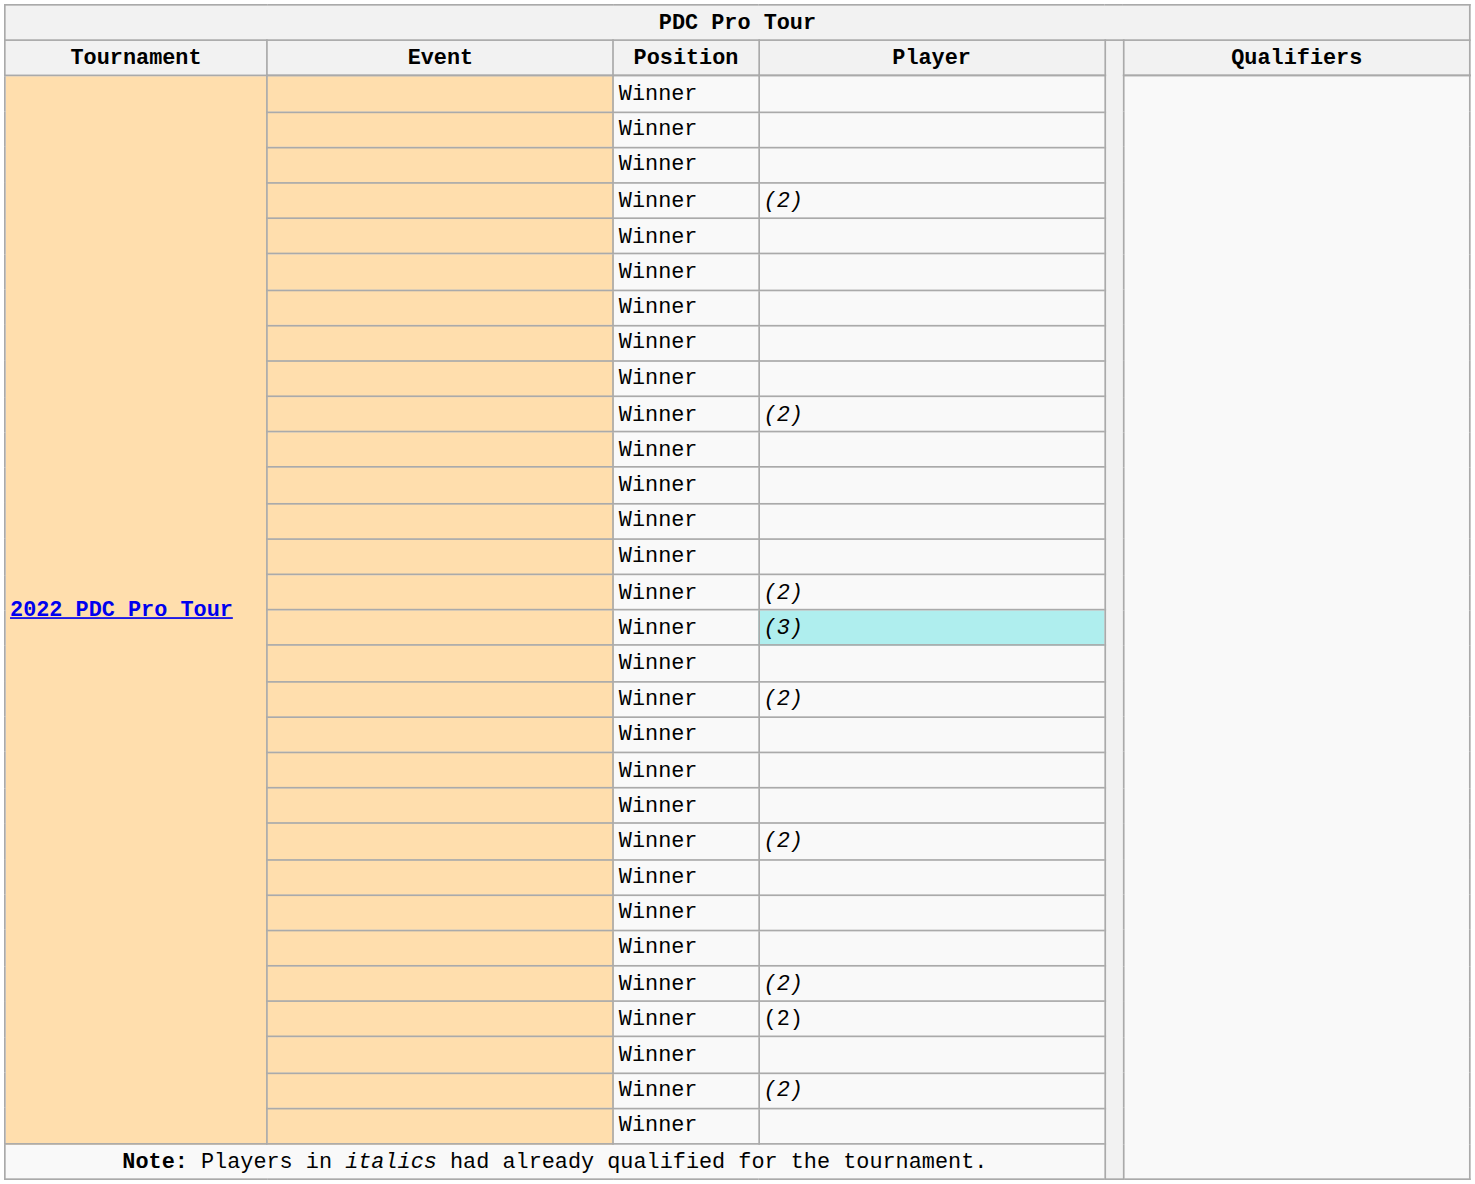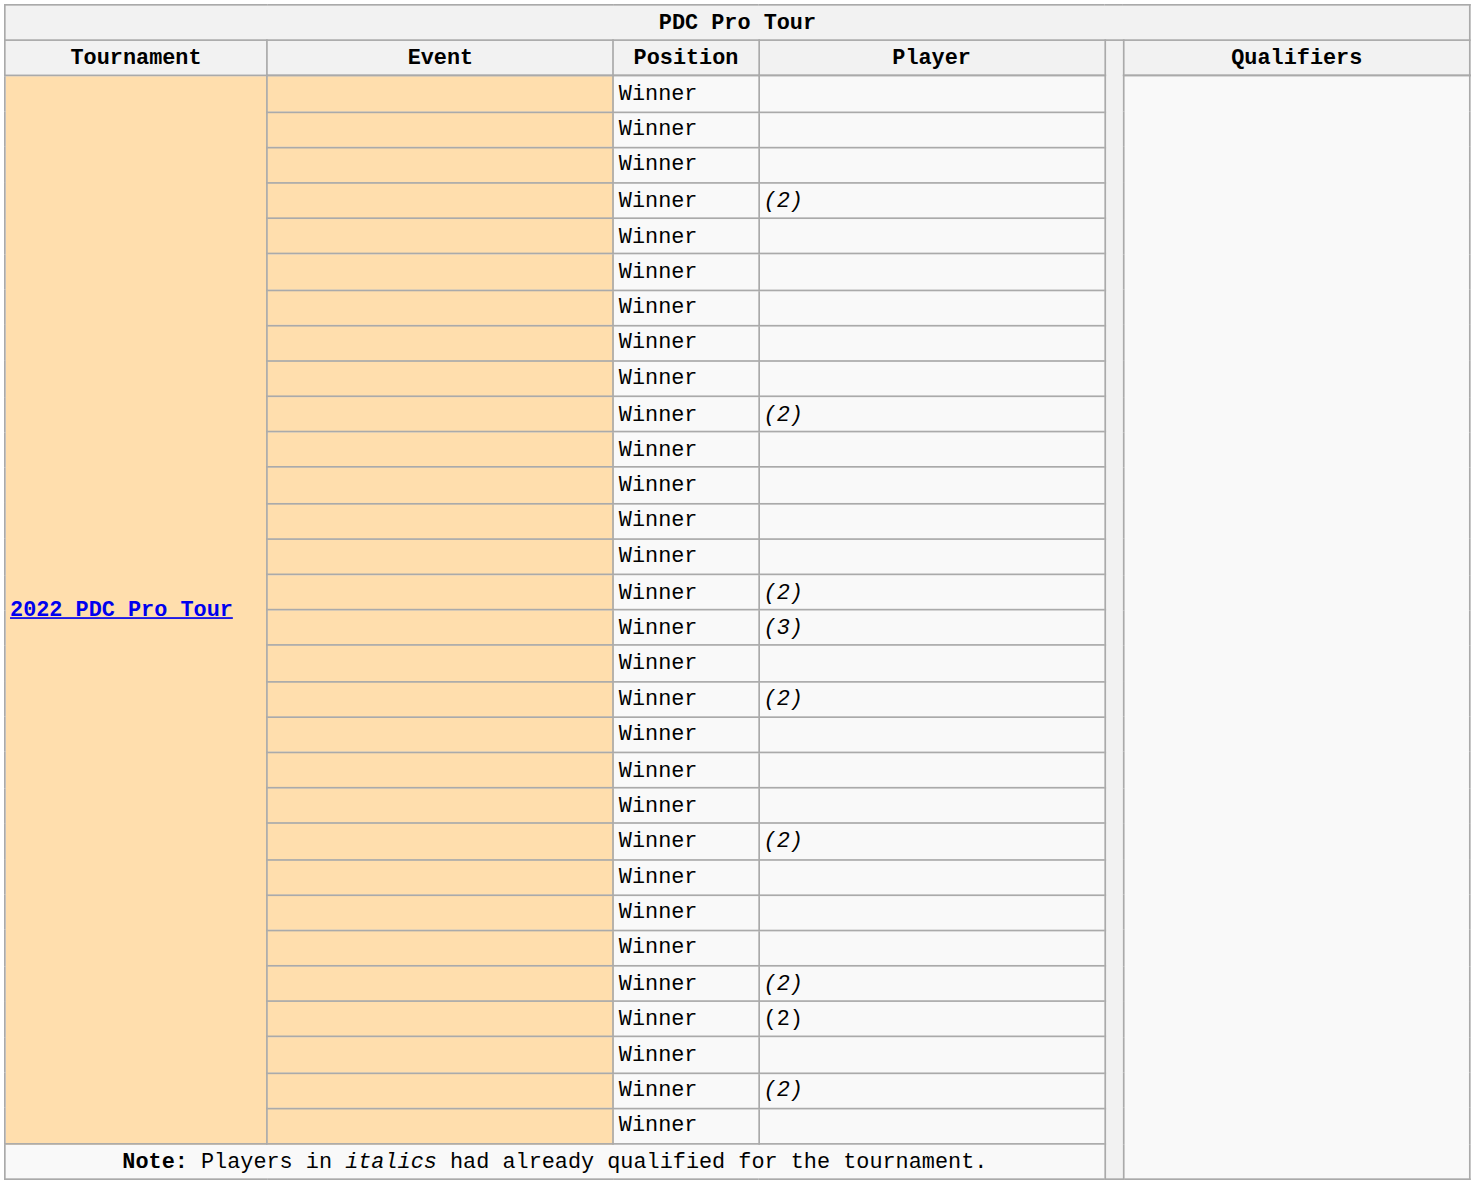 <table class="wikitable">
 <tr>
 <th colspan=6>PDC Pro Tour</th>
 </tr>
 <tr>
 <th width=150>Tournament</th>
 <th width=200>Event</th>
 <th width=80>Position</th>
 <th width=200>Player</th>
 <th rowspan=33 width=5></th>
 <th width=200>Qualifiers</th>
 </tr>
 <tr>
 <td rowspan=31 style="background:#ffdead;"><strong><a href='#'>2022 PDC Pro Tour</a></strong></td>
 </tr>
 <tr>
 <td style="background:#ffdead;"></td>
 <td>Winner</td>
 <td><em></em></td>
 <td rowspan=31></td>
 </tr>
 <tr>
 <td style="background:#ffdead;"></td>
 <td>Winner</td>
 <td><em></em></td>
 </tr>
 <tr>
 <td style="background:#ffdead;"></td>
 <td>Winner</td>
 <td><em></em></td>
 </tr>
 <tr>
 <td style="background:#ffdead;"></td>
 <td>Winner</td>
 <td><em> (2)</em></td>
 </tr>
 <tr>
 <td style="background:#ffdead;"></td>
 <td>Winner</td>
 <td><em></em></td>
 </tr>
 <tr>
 <td style="background:#ffdead;"></td>
 <td>Winner</td>
 <td></td>
 </tr>
 <tr>
 <td style="background:#ffdead;"></td>
 <td>Winner</td>
 <td><em></em></td>
 </tr>
 <tr>
 <td style="background:#ffdead;"></td>
 <td>Winner</td>
 <td><em></em></td>
 </tr>
 <tr>
 <td style="background:#ffdead;"></td>
 <td>Winner</td>
 <td></td>
 </tr>
 <tr>
 <td style="background:#ffdead;"></td>
 <td>Winner</td>
 <td><em> (2)</em></td>
 </tr>
 <tr>
 <td style="background:#ffdead;"></td>
 <td>Winner</td>
 <td><em></em></td>
 </tr>
 <tr>
 <td style="background:#ffdead;"></td>
 <td>Winner</td>
 <td><em></em></td>
 </tr>
 <tr>
 <td style="background:#ffdead;"></td>
 <td>Winner</td>
 <td><em></em></td>
 </tr>
 <tr>
 <td style="background:#ffdead;"></td>
 <td>Winner</td>
 <td><em></em></td>
 </tr>
 <tr>
 <td style="background:#ffdead;"></td>
 <td>Winner</td>
 <td><em> (2)</em></td>
 </tr>
 <tr>
 <td style="background:#ffdead;"></td>
 <td>Winner</td>
-<td style="background: paleturquoise;"><em> (3)</em></td>
+<td><em> (3)</em></td>
 </tr>
 <tr>
 <td style="background:#ffdead;"></td>
 <td>Winner</td>
 <td></td>
 </tr>
 <tr>
 <td style="background:#ffdead;"></td>
 <td>Winner</td>
 <td><em> (2)</em></td>
 </tr>
 <tr>
 <td style="background:#ffdead;"></td>
 <td>Winner</td>
 <td><em></em></td>
 </tr>
 <tr>
 <td style="background:#ffdead;"></td>
 <td>Winner</td>
 <td></td>
 </tr>
 <tr>
 <td style="background:#ffdead;"></td>
 <td>Winner</td>
 <td></td>
 </tr>
 <tr>
 <td style="background:#ffdead;"></td>
 <td>Winner</td>
 <td><em> (2)</em></td>
 </tr>
 <tr>
 <td style="background:#ffdead;"></td>
 <td>Winner</td>
 <td></td>
 </tr>
 <tr>
 <td style="background:#ffdead;"></td>
 <td>Winner</td>
 <td></td>
 </tr>
 <tr>
 <td style="background:#ffdead;"></td>
 <td>Winner</td>
 <td><em></em></td>
 </tr>
 <tr>
 <td style="background:#ffdead;"></td>
 <td>Winner</td>
 <td><em> (2)</em></td>
 </tr>
 <tr>
 <td style="background:#ffdead;"></td>
 <td>Winner</td>
 <td> (2)</td>
 </tr>
 <tr>
 <td style="background:#ffdead;"></td>
 <td>Winner</td>
 <td></td>
 </tr>
 <tr>
 <td style="background:#ffdead;"></td>
 <td>Winner</td>
 <td><em> (2)</em></td>
 </tr>
 <tr>
 <td style="background:#ffdead;"></td>
 <td>Winner</td>
 <td></td>
 </tr>
 <tr>
 <td colspan=4 style="text-align:center"><strong>Note:</strong> Players in <em>italics</em> had already qualified for the tournament.</td>
 </tr>
 </table>
